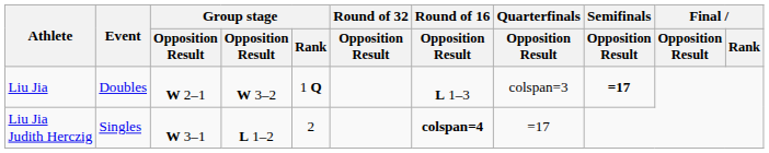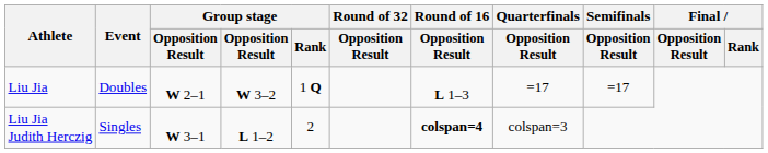 <table class=wikitable style=font-size:90%;text-align:center>
 <tr>
 <th rowspan=2>Athlete</th>
 <th rowspan=2>Event</th>
 <th colspan=3>Group stage</th>
 <th>Round of 32</th>
 <th>Round of 16</th>
 <th>Quarterfinals</th>
 <th>Semifinals</th>
 <th colspan=2>Final / </th>
 </tr>
 <tr style=font-size:95%>
 <th>Opposition<br>Result</th>
 <th>Opposition<br>Result</th>
 <th>Rank</th>
 <th>Opposition<br>Result</th>
 <th>Opposition<br>Result</th>
 <th>Opposition<br>Result</th>
 <th>Opposition<br>Result</th>
 <th>Opposition<br>Result</th>
 <th>Rank</th>
 </tr>
 <tr>
 <td align=left><a href='#'>Liu Jia</a></td>
 <td align=left><a href='#'>Doubles</a></td>
 <td><br><strong>W</strong> 2–1</td>
 <td><br><strong>W</strong> 3–2</td>
 <td>1 <strong>Q</strong></td>
 <td></td>
 <td><br><strong>L</strong> 1–3</td>
-<td>colspan=3 </td>
-<td><strong>=17</strong></td>
+<td>=17</td>
+<td>=17</td>
 </tr>
 <tr>
 <td align=left><a href='#'>Liu Jia</a><br><a href='#'>Judith Herczig</a></td>
 <td align=left><a href='#'>Singles</a></td>
 <td><br><strong>W</strong> 3–1</td>
 <td><br><strong>L</strong> 1–2</td>
 <td>2</td>
 <td></td>
 <td><strong>colspan=4 </strong></td>
-<td>=17</td>
+<td>colspan=3 </td>
 </tr>
 </table>
